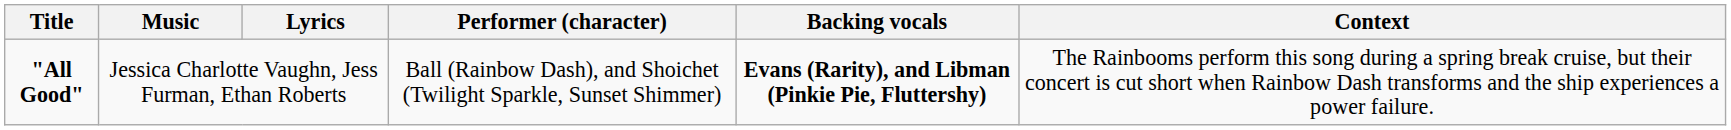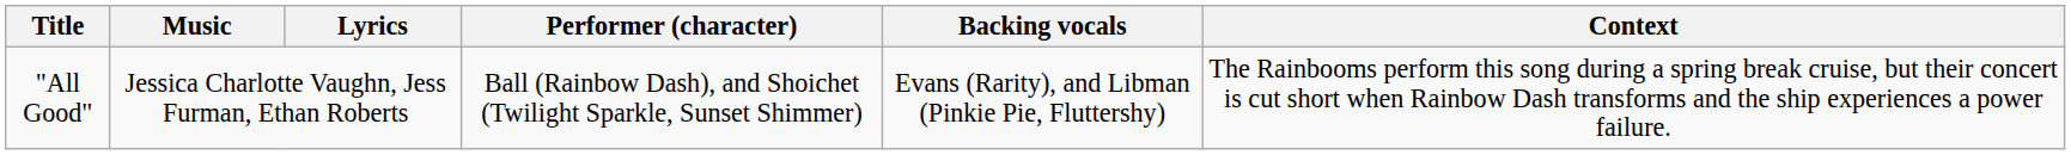 <table class="wikitable sortable" style="text-align: center">
 <tr>
 <th><strong>Title</strong></th>
 <th>Music</th>
 <th>Lyrics</th>
 <th><strong>Performer (character)</strong></th>
 <th><strong>Backing vocals</strong></th>
 <th>Context</th>
 </tr>
 <tr>
-<td><strong>"All Good"</strong></td>
+<td>"All Good"</td>
 <td colspan=2>Jessica Charlotte Vaughn, Jess Furman, Ethan Roberts</td>
 <td>Ball (Rainbow Dash), and Shoichet (Twilight Sparkle, Sunset Shimmer)</td>
-<td><strong>Evans (Rarity), and Libman (Pinkie Pie, Fluttershy)</strong></td>
+<td>Evans (Rarity), and Libman (Pinkie Pie, Fluttershy)</td>
 <td>The Rainbooms perform this song during a spring break cruise, but their concert is cut short when Rainbow Dash transforms and the ship experiences a power failure.</td>
 </tr>
 </table>
